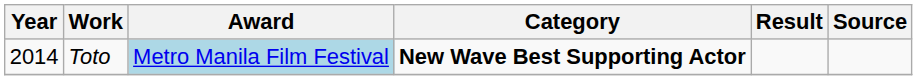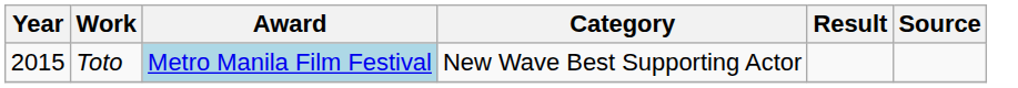 <table class="wikitable">
 <tr>
 <th>Year</th>
 <th>Work</th>
 <th>Award</th>
 <th>Category</th>
 <th>Result</th>
 <th>Source </th>
 </tr>
 <tr>
-<td>2014</td>
+<td>2015</td>
 <td><em>Toto</em></td>
 <td style="background: lightblue;"><a href='#'>Metro Manila Film Festival</a></td>
-<td><strong>New Wave Best Supporting Actor</strong></td>
+<td>New Wave Best Supporting Actor</td>
 <td></td>
 <td></td>
 </tr>
 <tr>
 </tr>
 </table>
